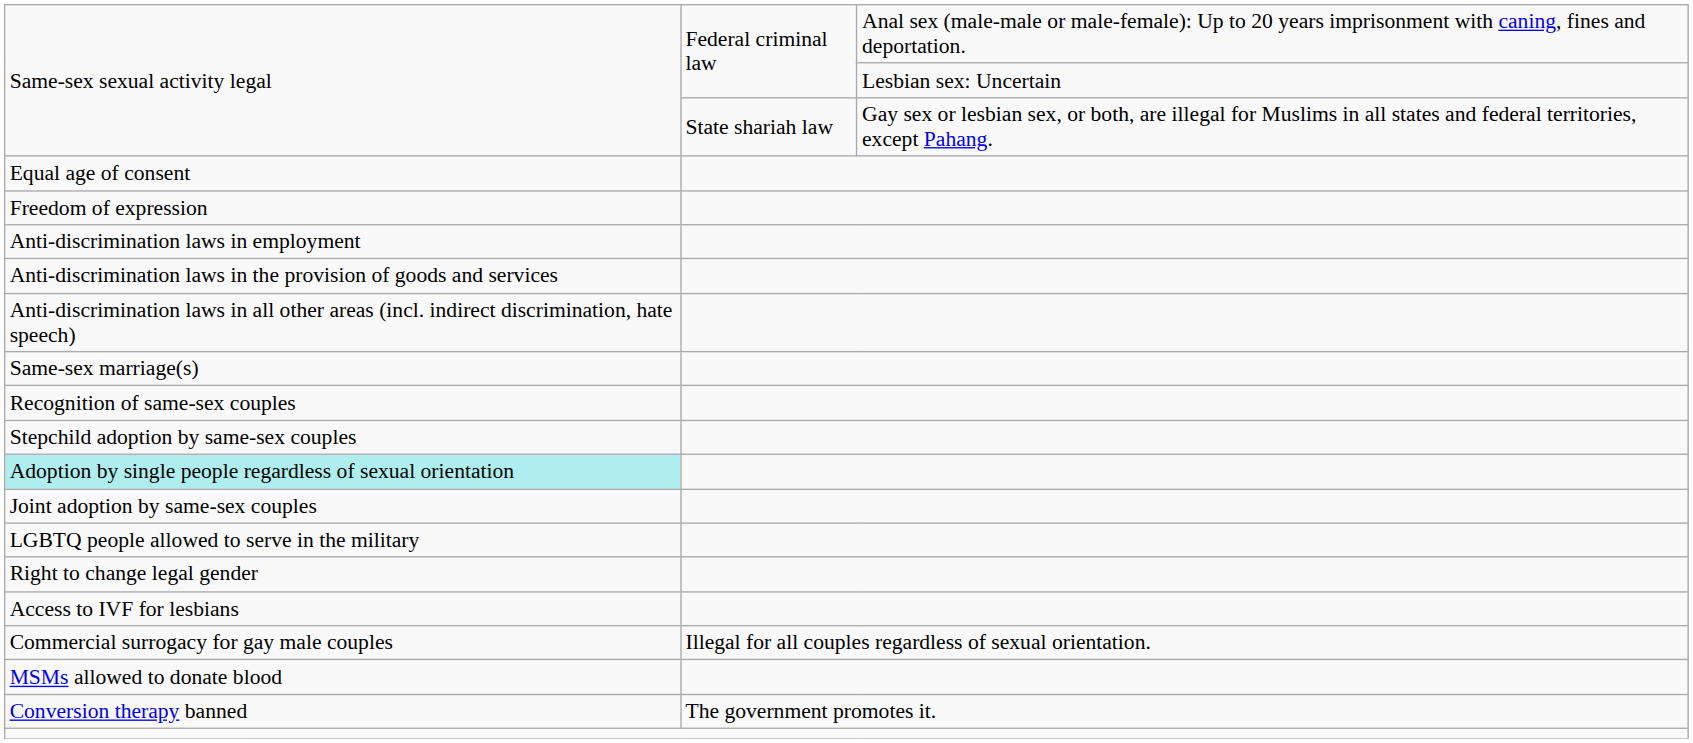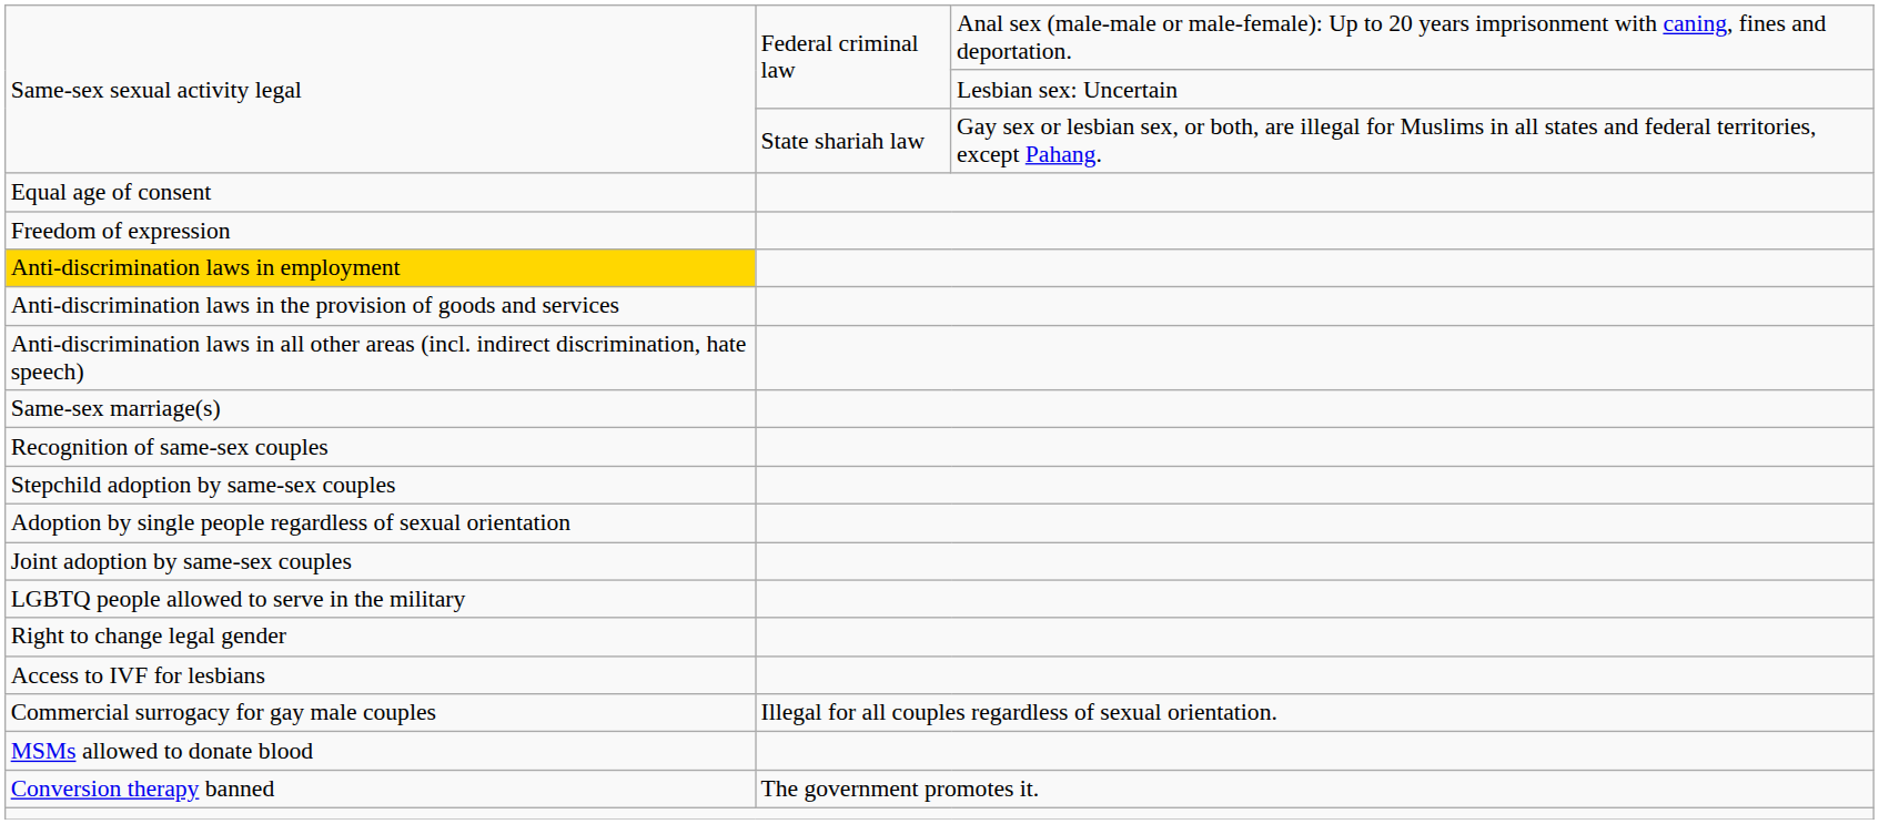 <table class="wikitable">
 <tr>
 <td rowspan="3">Same-sex sexual activity legal</td>
 <td rowspan="2">Federal criminal law</td>
 <td> Anal sex (male-male or male-female): Up to 20 years imprisonment with <a href='#'>caning</a>, fines and deportation.</td>
 </tr>
 <tr>
 <td> Lesbian sex: Uncertain</td>
 </tr>
 <tr>
 <td>State shariah law</td>
 <td> Gay sex or lesbian sex, or both, are illegal for Muslims in all states and federal territories, except <a href='#'>Pahang</a>.</td>
 </tr>
 <tr>
 <td>Equal age of consent</td>
 <td colspan="2"></td>
 </tr>
 <tr>
 <td>Freedom of expression</td>
 <td colspan="2"></td>
 </tr>
 <tr>
-<td>Anti-discrimination laws in employment</td>
+<td style="background: gold;">Anti-discrimination laws in employment</td>
 <td colspan="2"></td>
 </tr>
 <tr>
 <td>Anti-discrimination laws in the provision of goods and services</td>
 <td colspan="2"></td>
 </tr>
 <tr>
 <td>Anti-discrimination laws in all other areas (incl. indirect discrimination, hate speech)</td>
 <td colspan="2"></td>
 </tr>
 <tr>
 <td>Same-sex marriage(s)</td>
 <td colspan="2"></td>
 </tr>
 <tr>
 <td>Recognition of same-sex couples</td>
 <td colspan="2"></td>
 </tr>
 <tr>
 <td>Stepchild adoption by same-sex couples</td>
 <td colspan="2"></td>
 </tr>
 <tr>
-<td style="background: paleturquoise;">Adoption by single people regardless of sexual orientation</td>
+<td>Adoption by single people regardless of sexual orientation</td>
 <td colspan="2"></td>
 </tr>
 <tr>
 <td>Joint adoption by same-sex couples</td>
 <td colspan="2"></td>
 </tr>
 <tr>
 <td>LGBTQ people allowed to serve in the military</td>
 <td colspan="2"></td>
 </tr>
 <tr>
 <td>Right to change legal gender</td>
 <td colspan="2"></td>
 </tr>
 <tr>
 <td>Access to IVF for lesbians</td>
 <td colspan="2"></td>
 </tr>
 <tr>
 <td>Commercial surrogacy for gay male couples</td>
 <td colspan="2"> Illegal for all couples regardless of sexual orientation.</td>
 </tr>
 <tr>
 <td><a href='#'>MSMs</a> allowed to donate blood</td>
 <td colspan="2"></td>
 </tr>
 <tr>
 <td><a href='#'>Conversion therapy</a> banned</td>
 <td colspan="2"> The government promotes it.</td>
 </tr>
 <tr>
 <td colspan="3"></td>
 </tr>
 </table>
